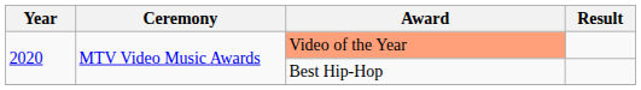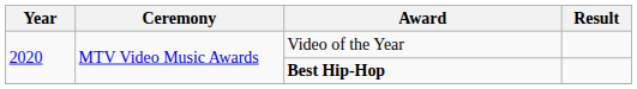 <table class="wikitable">
 <tr>
 <th width=10%>Year</th>
 <th width=30%>Ceremony</th>
 <th width=40%>Award</th>
 <th width=10%>Result</th>
 </tr>
 <tr>
 <td rowspan="2"><a href='#'>2020</a></td>
 <td rowspan="2"><a href='#'>MTV Video Music Awards</a></td>
-<td style="background: lightsalmon;">Video of the Year</td>
+<td>Video of the Year</td>
 <td></td>
 </tr>
 <tr>
-<td>Best Hip-Hop</td>
+<td><strong>Best Hip-Hop</strong></td>
 <td></td>
 </tr>
 <tr>
 </tr>
 </table>
